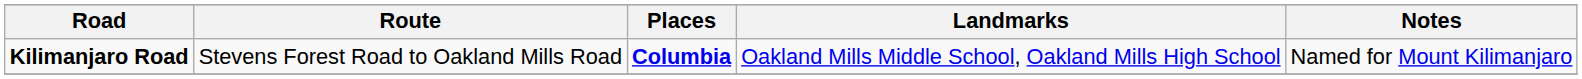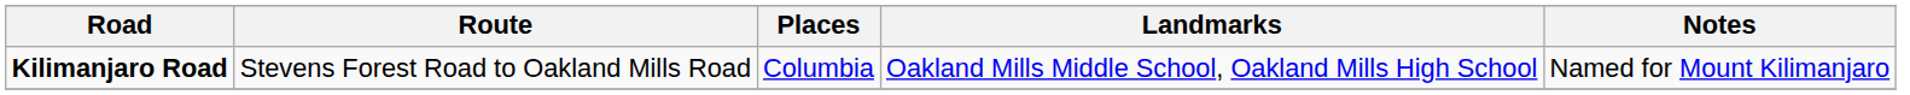 <table class="wikitable">
 <tr style="background-color:#DDDDDD;text-align:center;">
 </tr>
 <tr>
 <th>Road</th>
 <th>Route</th>
 <th>Places</th>
 <th>Landmarks</th>
 <th>Notes</th>
 </tr>
 <tr>
 <td><strong>Kilimanjaro Road</strong></td>
 <td>Stevens Forest Road to Oakland Mills Road</td>
-<td><strong><a href='#'>Columbia</a></strong></td>
+<td><a href='#'>Columbia</a></td>
 <td><a href='#'>Oakland Mills Middle School</a>, <a href='#'>Oakland Mills High School</a></td>
 <td>Named for <a href='#'>Mount Kilimanjaro</a></td>
 </tr>
 <tr>
 </tr>
 </table>
